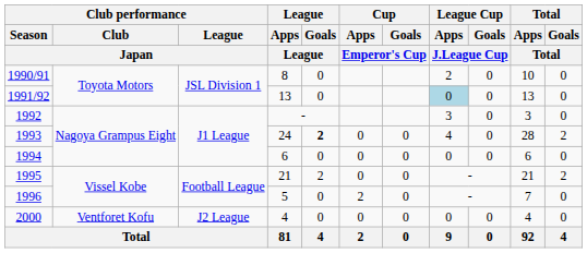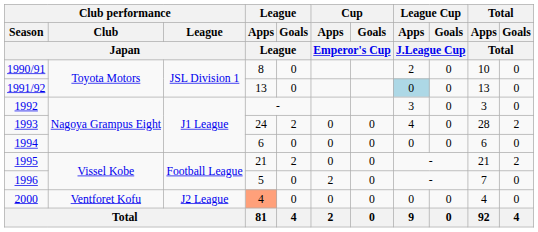 <table class="wikitable" style="text-align:center;">
 <tr>
 <th colspan=3>Club performance</th>
 <th colspan=2>League</th>
 <th colspan=2>Cup</th>
 <th colspan=2>League Cup</th>
 <th colspan=2>Total</th>
 </tr>
 <tr>
 <th>Season</th>
 <th>Club</th>
 <th>League</th>
 <th>Apps</th>
 <th>Goals</th>
 <th>Apps</th>
 <th>Goals</th>
 <th>Apps</th>
 <th>Goals</th>
 <th>Apps</th>
 <th>Goals</th>
 </tr>
 <tr>
 <th colspan=3>Japan</th>
 <th colspan=2>League</th>
 <th colspan=2><a href='#'>Emperor's Cup</a></th>
 <th colspan=2><a href='#'>J.League Cup</a></th>
 <th colspan=2>Total</th>
 </tr>
 <tr>
 <td><a href='#'>1990/91</a></td>
 <td rowspan="2"><a href='#'>Toyota Motors</a></td>
 <td rowspan="2"><a href='#'>JSL Division 1</a></td>
 <td>8</td>
 <td>0</td>
 <td></td>
 <td></td>
 <td>2</td>
 <td>0</td>
 <td>10</td>
 <td>0</td>
 </tr>
 <tr>
 <td><a href='#'>1991/92</a></td>
 <td>13</td>
 <td>0</td>
 <td></td>
 <td></td>
 <td style="background: lightblue;">0</td>
 <td>0</td>
 <td>13</td>
 <td>0</td>
 </tr>
 <tr>
 <td><a href='#'>1992</a></td>
 <td rowspan="3"><a href='#'>Nagoya Grampus Eight</a></td>
 <td rowspan="3"><a href='#'>J1 League</a></td>
 <td colspan="2">-</td>
 <td></td>
 <td></td>
 <td>3</td>
 <td>0</td>
 <td>3</td>
 <td>0</td>
 </tr>
 <tr>
 <td><a href='#'>1993</a></td>
 <td>24</td>
-<td><strong>2</strong></td>
+<td>2</td>
 <td>0</td>
 <td>0</td>
 <td>4</td>
 <td>0</td>
 <td>28</td>
 <td>2</td>
 </tr>
 <tr>
 <td><a href='#'>1994</a></td>
 <td>6</td>
 <td>0</td>
 <td>0</td>
 <td>0</td>
 <td>0</td>
 <td>0</td>
 <td>6</td>
 <td>0</td>
 </tr>
 <tr>
 <td><a href='#'>1995</a></td>
 <td rowspan="2"><a href='#'>Vissel Kobe</a></td>
 <td rowspan="2"><a href='#'>Football League</a></td>
 <td>21</td>
 <td>2</td>
 <td>0</td>
 <td>0</td>
 <td colspan="2">-</td>
 <td>21</td>
 <td>2</td>
 </tr>
 <tr>
 <td><a href='#'>1996</a></td>
 <td>5</td>
 <td>0</td>
 <td>2</td>
 <td>0</td>
 <td colspan="2">-</td>
 <td>7</td>
 <td>0</td>
 </tr>
 <tr>
 <td><a href='#'>2000</a></td>
 <td><a href='#'>Ventforet Kofu</a></td>
 <td><a href='#'>J2 League</a></td>
-<td>4</td>
+<td style="background: lightsalmon;">4</td>
 <td>0</td>
 <td>0</td>
 <td>0</td>
 <td>0</td>
 <td>0</td>
 <td>4</td>
 <td>0</td>
 </tr>
 <tr>
 <th colspan=3>Total</th>
 <th>81</th>
 <th>4</th>
 <th>2</th>
 <th>0</th>
 <th>9</th>
 <th>0</th>
 <th>92</th>
 <th>4</th>
 </tr>
 </table>
